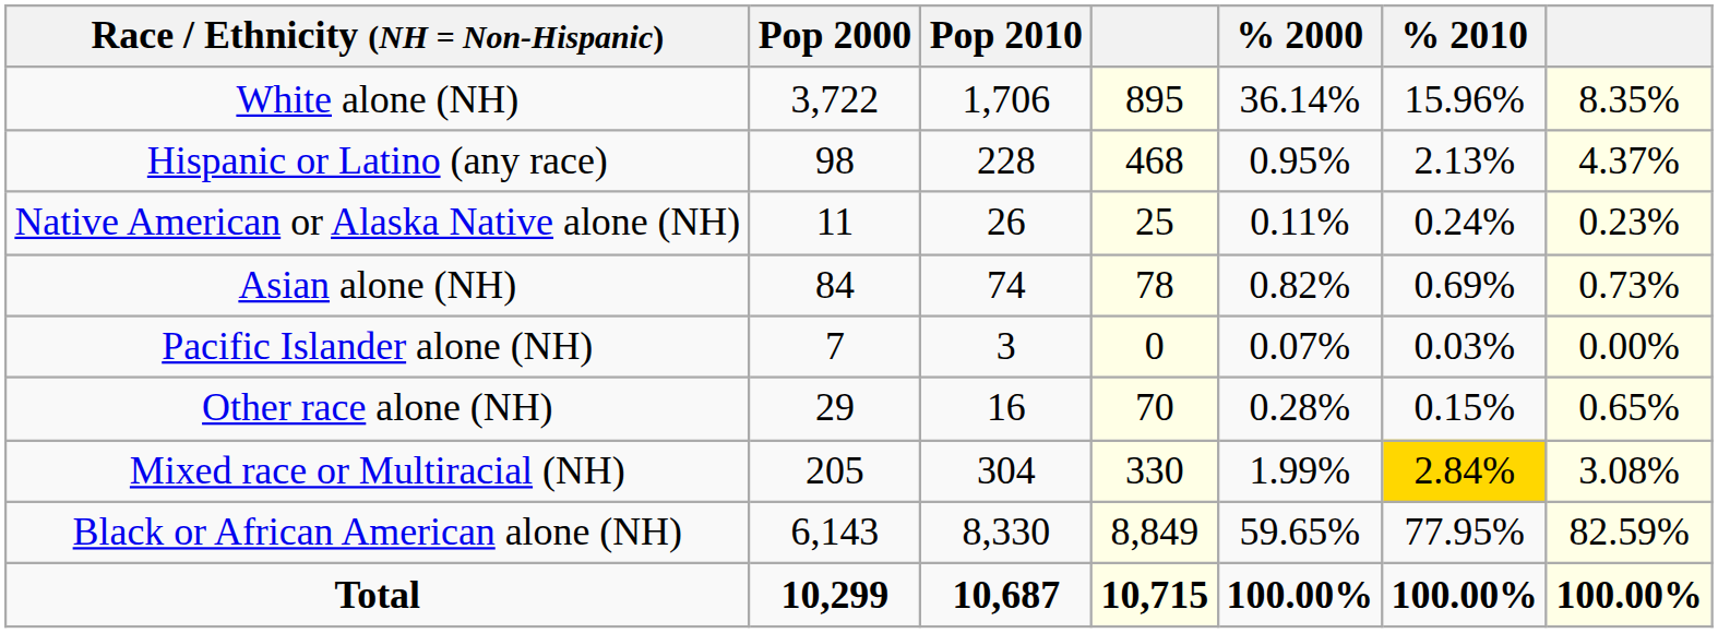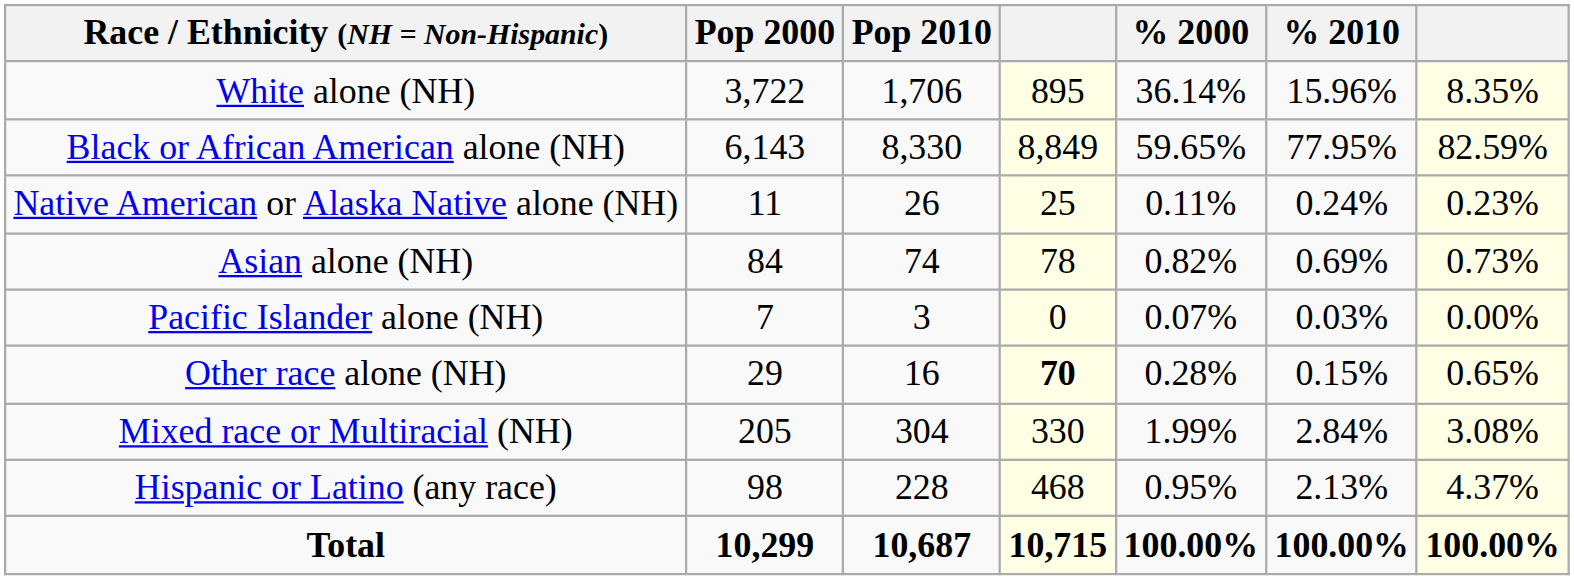 <table class="wikitable"  style="text-align:center;">
 <tr>
 <th>Race / Ethnicity <small>(<em>NH = Non-Hispanic</em>)</small></th>
 <th>Pop 2000</th>
 <th>Pop 2010</th>
 <th></th>
 <th>% 2000</th>
 <th>% 2010</th>
 <th></th>
 </tr>
 <tr>
 <td><a href='#'>White</a> alone (NH)</td>
 <td>3,722</td>
 <td>1,706</td>
 <td style='background: #ffffe6;'>895</td>
 <td>36.14%</td>
 <td>15.96%</td>
 <td style='background: #ffffe6;'>8.35%</td>
 </tr>
 <tr>
-<td><a href='#'>Hispanic or Latino</a> (any race)</td>
-<td>98</td>
-<td>228</td>
-<td style='background: #ffffe6;'>468</td>
-<td>0.95%</td>
-<td>2.13%</td>
-<td style='background: #ffffe6;'>4.37%</td>
+<td><a href='#'>Black or African American</a> alone (NH)</td>
+<td>6,143</td>
+<td>8,330</td>
+<td style='background: #ffffe6;'>8,849</td>
+<td>59.65%</td>
+<td>77.95%</td>
+<td style='background: #ffffe6;'>82.59%</td>
 </tr>
 <tr>
 <td><a href='#'>Native American</a> or <a href='#'>Alaska Native</a> alone (NH)</td>
 <td>11</td>
 <td>26</td>
 <td style='background: #ffffe6;'>25</td>
 <td>0.11%</td>
 <td>0.24%</td>
 <td style='background: #ffffe6;'>0.23%</td>
 </tr>
 <tr>
 <td><a href='#'>Asian</a> alone (NH)</td>
 <td>84</td>
 <td>74</td>
 <td style='background: #ffffe6;'>78</td>
 <td>0.82%</td>
 <td>0.69%</td>
 <td style='background: #ffffe6;'>0.73%</td>
 </tr>
 <tr>
 <td><a href='#'>Pacific Islander</a> alone (NH)</td>
 <td>7</td>
 <td>3</td>
 <td style='background: #ffffe6;'>0</td>
 <td>0.07%</td>
 <td>0.03%</td>
 <td style='background: #ffffe6;'>0.00%</td>
 </tr>
 <tr>
 <td><a href='#'>Other race</a> alone (NH)</td>
 <td>29</td>
 <td>16</td>
-<td style='background: #ffffe6;'>70</td>
+<td style='background: #ffffe6;'><strong>70</strong></td>
 <td>0.28%</td>
 <td>0.15%</td>
 <td style='background: #ffffe6;'>0.65%</td>
 </tr>
 <tr>
 <td><a href='#'>Mixed race or Multiracial</a> (NH)</td>
 <td>205</td>
 <td>304</td>
 <td style='background: #ffffe6;'>330</td>
 <td>1.99%</td>
-<td style="background: gold;">2.84%</td>
+<td>2.84%</td>
 <td style='background: #ffffe6;'>3.08%</td>
 </tr>
 <tr>
-<td><a href='#'>Black or African American</a> alone (NH)</td>
-<td>6,143</td>
-<td>8,330</td>
-<td style='background: #ffffe6;'>8,849</td>
-<td>59.65%</td>
-<td>77.95%</td>
-<td style='background: #ffffe6;'>82.59%</td>
+<td><a href='#'>Hispanic or Latino</a> (any race)</td>
+<td>98</td>
+<td>228</td>
+<td style='background: #ffffe6;'>468</td>
+<td>0.95%</td>
+<td>2.13%</td>
+<td style='background: #ffffe6;'>4.37%</td>
 </tr>
 <tr>
 <td><strong>Total</strong></td>
 <td><strong>10,299</strong></td>
 <td><strong>10,687</strong></td>
 <td style='background: #ffffe6;'><strong>10,715</strong></td>
 <td><strong>100.00%</strong></td>
 <td><strong>100.00%</strong></td>
 <td style='background: #ffffe6;'><strong>100.00%</strong></td>
 </tr>
 </table>
